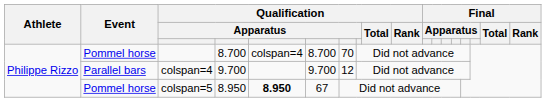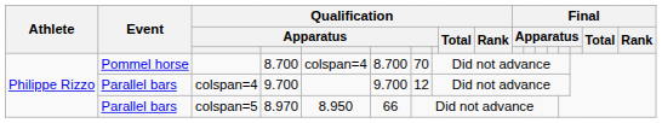 <table class="wikitable" style="font-size:90%">
 <tr>
 <th rowspan="3">Athlete</th>
 <th rowspan="3">Event</th>
 <th colspan=8>Qualification</th>
 <th colspan=8>Final</th>
 </tr>
 <tr style="font-size:95%">
 <th colspan = "6">Apparatus</th>
 <th rowspan=2>Total</th>
 <th rowspan=2>Rank</th>
 <th colspan = "6">Apparatus</th>
 <th rowspan=2>Total</th>
 <th rowspan=2>Rank</th>
 </tr>
 <tr style="font-size:95%">
 <th></th>
 <th></th>
 <th></th>
 <th></th>
 <th></th>
 <th></th>
 <th></th>
 <th></th>
 <th></th>
 <th></th>
 <th></th>
 <th></th>
 </tr>
 <tr align=center>
 <td align=left rowspan=3><a href='#'>Philippe Rizzo</a></td>
 <td align=left><a href='#'>Pommel horse</a></td>
 <td></td>
 <td>8.700</td>
 <td>colspan=4 </td>
 <td>8.700</td>
 <td>70</td>
 <td colspan=8>Did not advance</td>
 </tr>
 <tr align=center>
 <td align=left><a href='#'>Parallel bars</a></td>
 <td>colspan=4 </td>
 <td>9.700</td>
 <td></td>
 <td>9.700</td>
 <td>12</td>
 <td colspan=8>Did not advance</td>
 </tr>
 <tr align=center>
-<td align=left><a href='#'>Pommel horse</a></td>
+<td align=left><a href='#'>Parallel bars</a></td>
 <td>colspan=5 </td>
+<td>8.970</td>
 <td>8.950</td>
-<td><strong>8.950</strong></td>
-<td>67</td>
+<td>66</td>
 <td colspan=8>Did not advance</td>
 </tr>
 </table>
